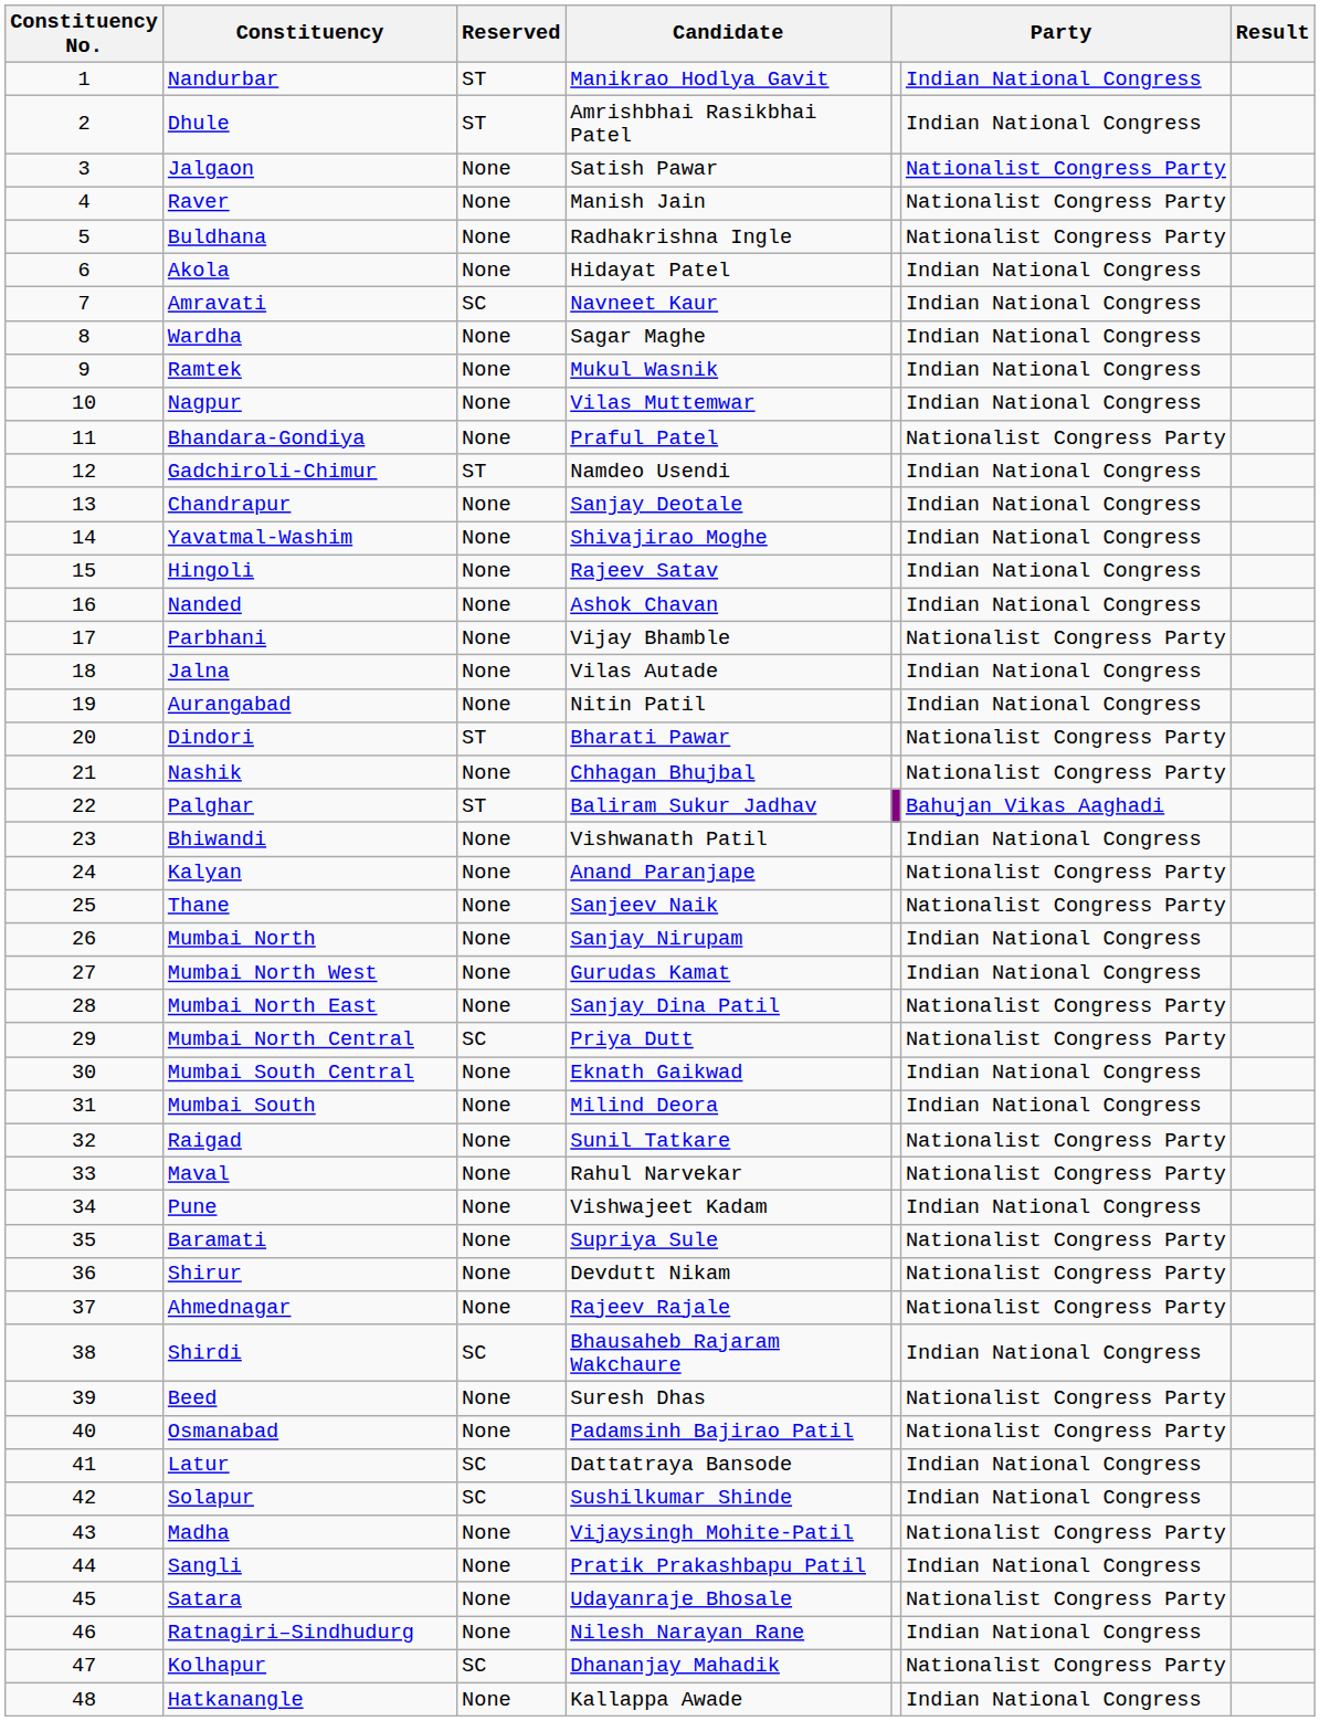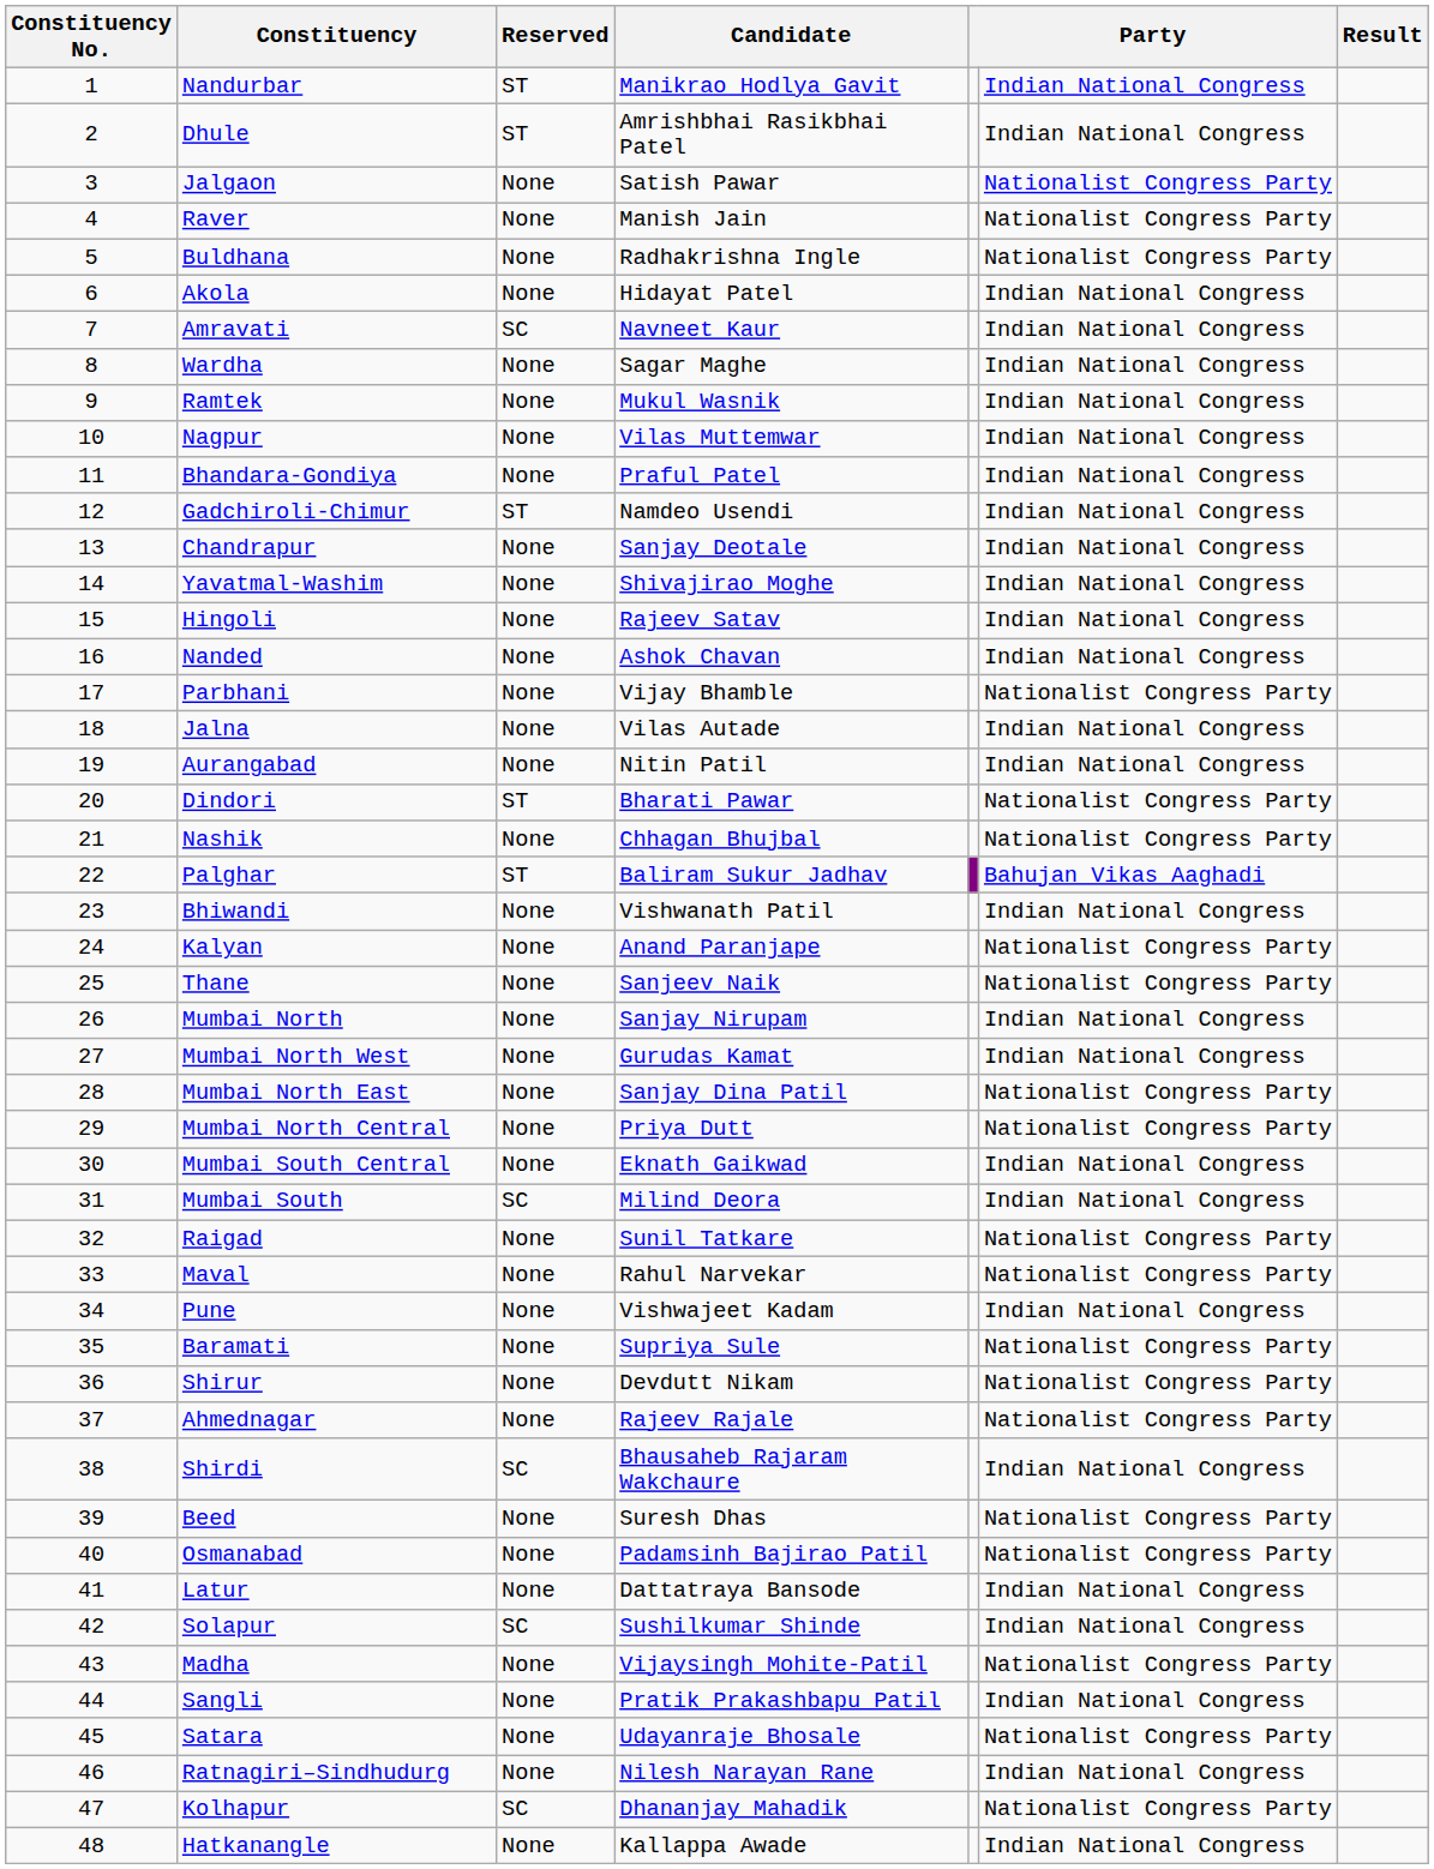 <table class= "wikitable sortable">
 <tr>
 <th>Constituency <br> No.</th>
 <th style="width:180px;">Constituency</th>
 <th>Reserved</th>
 <th style="width:200px;">Candidate</th>
 <th colspan=2>Party</th>
 <th>Result</th>
 </tr>
 <tr>
 <td align="center">1</td>
 <td><a href='#'>Nandurbar</a></td>
 <td>ST</td>
 <td><a href='#'>Manikrao Hodlya Gavit</a></td>
 <td></td>
 <td><a href='#'>Indian National Congress</a></td>
 <td></td>
 </tr>
 <tr>
 <td align="center">2</td>
 <td><a href='#'>Dhule</a></td>
 <td>ST</td>
 <td>Amrishbhai Rasikbhai Patel</td>
 <td></td>
 <td>Indian National Congress</td>
 <td></td>
 </tr>
 <tr>
 <td align="center">3</td>
 <td><a href='#'>Jalgaon</a></td>
 <td>None</td>
 <td>Satish Pawar</td>
 <td></td>
 <td><a href='#'>Nationalist Congress Party</a></td>
 <td></td>
 </tr>
 <tr>
 <td align="center">4</td>
 <td><a href='#'>Raver</a></td>
 <td>None</td>
 <td>Manish Jain</td>
 <td></td>
 <td>Nationalist Congress Party</td>
 <td></td>
 </tr>
 <tr>
 <td align="center">5</td>
 <td><a href='#'>Buldhana</a></td>
 <td>None</td>
 <td>Radhakrishna Ingle</td>
 <td></td>
 <td>Nationalist Congress Party</td>
 <td></td>
 </tr>
 <tr>
 <td align="center">6</td>
 <td><a href='#'>Akola</a></td>
 <td>None</td>
 <td>Hidayat Patel</td>
 <td></td>
 <td>Indian National Congress</td>
 <td></td>
 </tr>
 <tr>
 <td align="center">7</td>
 <td><a href='#'>Amravati</a></td>
 <td>SC</td>
 <td><a href='#'>Navneet Kaur</a></td>
 <td></td>
 <td>Indian National Congress</td>
 <td></td>
 </tr>
 <tr>
 <td align="center">8</td>
 <td><a href='#'>Wardha</a></td>
 <td>None</td>
 <td>Sagar Maghe</td>
 <td></td>
 <td>Indian National Congress</td>
 <td></td>
 </tr>
 <tr>
 <td align="center">9</td>
 <td><a href='#'>Ramtek</a></td>
 <td>None</td>
 <td><a href='#'>Mukul Wasnik</a></td>
 <td></td>
 <td>Indian National Congress</td>
 <td></td>
 </tr>
 <tr>
 <td align="center">10</td>
 <td><a href='#'>Nagpur</a></td>
 <td>None</td>
 <td><a href='#'>Vilas Muttemwar</a></td>
 <td></td>
 <td>Indian National Congress</td>
 <td></td>
 </tr>
 <tr>
 <td align="center">11</td>
 <td><a href='#'>Bhandara-Gondiya</a></td>
 <td>None</td>
 <td><a href='#'>Praful Patel</a></td>
 <td></td>
-<td>Nationalist Congress Party</td>
+<td>Indian National Congress</td>
 <td></td>
 </tr>
 <tr>
 <td align="center">12</td>
 <td><a href='#'>Gadchiroli-Chimur</a></td>
 <td>ST</td>
 <td>Namdeo Usendi</td>
 <td></td>
 <td>Indian National Congress</td>
 <td></td>
 </tr>
 <tr>
 <td align="center">13</td>
 <td><a href='#'>Chandrapur</a></td>
 <td>None</td>
 <td><a href='#'>Sanjay Deotale</a></td>
 <td></td>
 <td>Indian National Congress</td>
 <td></td>
 </tr>
 <tr>
 <td align="center">14</td>
 <td><a href='#'>Yavatmal-Washim</a></td>
 <td>None</td>
 <td><a href='#'>Shivajirao Moghe</a></td>
 <td></td>
 <td>Indian National Congress</td>
 <td></td>
 </tr>
 <tr>
 <td align="center">15</td>
 <td><a href='#'>Hingoli</a></td>
 <td>None</td>
 <td><a href='#'>Rajeev Satav</a></td>
 <td></td>
 <td>Indian National Congress</td>
 <td></td>
 </tr>
 <tr>
 <td align="center">16</td>
 <td><a href='#'>Nanded</a></td>
 <td>None</td>
 <td><a href='#'>Ashok Chavan</a></td>
 <td></td>
 <td>Indian National Congress</td>
 <td></td>
 </tr>
 <tr>
 <td align="center">17</td>
 <td><a href='#'>Parbhani</a></td>
 <td>None</td>
 <td>Vijay Bhamble</td>
 <td></td>
 <td>Nationalist Congress Party</td>
 <td></td>
 </tr>
 <tr>
 <td align="center">18</td>
 <td><a href='#'>Jalna</a></td>
 <td>None</td>
 <td>Vilas Autade</td>
 <td></td>
 <td>Indian National Congress</td>
 <td></td>
 </tr>
 <tr>
 <td align="center">19</td>
 <td><a href='#'>Aurangabad</a></td>
 <td>None</td>
 <td>Nitin Patil</td>
 <td></td>
 <td>Indian National Congress</td>
 <td></td>
 </tr>
 <tr>
 <td align="center">20</td>
 <td><a href='#'>Dindori</a></td>
 <td>ST</td>
 <td><a href='#'>Bharati Pawar</a></td>
 <td></td>
 <td>Nationalist Congress Party</td>
 <td></td>
 </tr>
 <tr>
 <td align="center">21</td>
 <td><a href='#'>Nashik</a></td>
 <td>None</td>
 <td><a href='#'>Chhagan Bhujbal</a></td>
 <td></td>
 <td>Nationalist Congress Party</td>
 <td></td>
 </tr>
 <tr>
 <td align="center">22</td>
 <td><a href='#'>Palghar</a></td>
 <td>ST</td>
 <td><a href='#'>Baliram Sukur Jadhav</a></td>
 <td style="background:purple;"></td>
 <td><a href='#'>Bahujan Vikas Aaghadi</a></td>
 <td></td>
 </tr>
 <tr>
 <td align="center">23</td>
 <td><a href='#'>Bhiwandi</a></td>
 <td>None</td>
 <td>Vishwanath Patil</td>
 <td></td>
 <td>Indian National Congress</td>
 <td></td>
 </tr>
 <tr>
 <td align="center">24</td>
 <td><a href='#'>Kalyan</a></td>
 <td>None</td>
 <td><a href='#'>Anand Paranjape</a></td>
 <td></td>
 <td>Nationalist Congress Party</td>
 <td></td>
 </tr>
 <tr>
 <td align="center">25</td>
 <td><a href='#'>Thane</a></td>
 <td>None</td>
 <td><a href='#'>Sanjeev Naik</a></td>
 <td></td>
 <td>Nationalist Congress Party</td>
 <td></td>
 </tr>
 <tr>
 <td align="center">26</td>
 <td><a href='#'>Mumbai North</a></td>
 <td>None</td>
 <td><a href='#'>Sanjay Nirupam</a></td>
 <td></td>
 <td>Indian National Congress</td>
 <td></td>
 </tr>
 <tr>
 <td align="center">27</td>
 <td><a href='#'>Mumbai North West</a></td>
 <td>None</td>
 <td><a href='#'>Gurudas Kamat</a></td>
 <td></td>
 <td>Indian National Congress</td>
 <td></td>
 </tr>
 <tr>
 <td align="center">28</td>
 <td><a href='#'>Mumbai North East</a></td>
 <td>None</td>
 <td><a href='#'>Sanjay Dina Patil</a></td>
 <td></td>
 <td>Nationalist Congress Party</td>
 <td></td>
 </tr>
 <tr>
 <td align="center">29</td>
 <td><a href='#'>Mumbai North Central</a></td>
-<td>SC</td>
+<td>None</td>
 <td><a href='#'>Priya Dutt</a></td>
 <td></td>
 <td>Nationalist Congress Party</td>
 <td></td>
 </tr>
 <tr>
 <td align="center">30</td>
 <td><a href='#'>Mumbai South Central</a></td>
 <td>None</td>
 <td><a href='#'>Eknath Gaikwad</a></td>
 <td></td>
 <td>Indian National Congress</td>
 <td></td>
 </tr>
 <tr>
 <td align="center">31</td>
 <td><a href='#'>Mumbai South</a></td>
-<td>None</td>
+<td>SC</td>
 <td><a href='#'>Milind Deora</a></td>
 <td></td>
 <td>Indian National Congress</td>
 <td></td>
 </tr>
 <tr>
 <td align="center">32</td>
 <td><a href='#'>Raigad</a></td>
 <td>None</td>
 <td><a href='#'>Sunil Tatkare</a></td>
 <td></td>
 <td>Nationalist Congress Party</td>
 <td></td>
 </tr>
 <tr>
 <td align="center">33</td>
 <td><a href='#'>Maval</a></td>
 <td>None</td>
 <td>Rahul Narvekar</td>
 <td></td>
 <td>Nationalist Congress Party</td>
 <td></td>
 </tr>
 <tr>
 <td align="center">34</td>
 <td><a href='#'>Pune</a></td>
 <td>None</td>
 <td>Vishwajeet Kadam</td>
 <td></td>
 <td>Indian National Congress</td>
 <td></td>
 </tr>
 <tr>
 <td align="center">35</td>
 <td><a href='#'>Baramati</a></td>
 <td>None</td>
 <td><a href='#'>Supriya Sule</a></td>
 <td></td>
 <td>Nationalist Congress Party</td>
 <td></td>
 </tr>
 <tr>
 <td align="center">36</td>
 <td><a href='#'>Shirur</a></td>
 <td>None</td>
 <td>Devdutt Nikam</td>
 <td></td>
 <td>Nationalist Congress Party</td>
 <td></td>
 </tr>
 <tr>
 <td align="center">37</td>
 <td><a href='#'>Ahmednagar</a></td>
 <td>None</td>
 <td><a href='#'>Rajeev Rajale</a></td>
 <td></td>
 <td>Nationalist Congress Party</td>
 <td></td>
 </tr>
 <tr>
 <td align="center">38</td>
 <td><a href='#'>Shirdi</a></td>
 <td>SC</td>
 <td><a href='#'>Bhausaheb Rajaram Wakchaure</a></td>
 <td></td>
 <td>Indian National Congress</td>
 <td></td>
 </tr>
 <tr>
 <td align="center">39</td>
 <td><a href='#'>Beed</a></td>
 <td>None</td>
 <td>Suresh Dhas</td>
 <td></td>
 <td>Nationalist Congress Party</td>
 <td></td>
 </tr>
 <tr>
 <td align="center">40</td>
 <td><a href='#'>Osmanabad</a></td>
 <td>None</td>
 <td><a href='#'>Padamsinh Bajirao Patil</a></td>
 <td></td>
 <td>Nationalist Congress Party</td>
 <td></td>
 </tr>
 <tr>
 <td align="center">41</td>
 <td><a href='#'>Latur</a></td>
-<td>SC</td>
+<td>None</td>
 <td>Dattatraya Bansode</td>
 <td></td>
 <td>Indian National Congress</td>
 <td></td>
 </tr>
 <tr>
 <td align="center">42</td>
 <td><a href='#'>Solapur</a></td>
 <td>SC</td>
 <td><a href='#'>Sushilkumar Shinde</a></td>
 <td></td>
 <td>Indian National Congress</td>
 <td></td>
 </tr>
 <tr>
 <td align="center">43</td>
 <td><a href='#'>Madha</a></td>
 <td>None</td>
 <td><a href='#'>Vijaysingh Mohite-Patil</a></td>
 <td></td>
 <td>Nationalist Congress Party</td>
 <td></td>
 </tr>
 <tr>
 <td align="center">44</td>
 <td><a href='#'>Sangli</a></td>
 <td>None</td>
 <td><a href='#'>Pratik Prakashbapu Patil</a></td>
 <td></td>
 <td>Indian National Congress</td>
 <td></td>
 </tr>
 <tr>
 <td align="center">45</td>
 <td><a href='#'>Satara</a></td>
 <td>None</td>
 <td><a href='#'>Udayanraje Bhosale</a></td>
 <td></td>
 <td>Nationalist Congress Party</td>
 <td></td>
 </tr>
 <tr>
 <td align="center">46</td>
 <td><a href='#'>Ratnagiri–Sindhudurg</a></td>
 <td>None</td>
 <td><a href='#'>Nilesh Narayan Rane</a></td>
 <td></td>
 <td>Indian National Congress</td>
 <td></td>
 </tr>
 <tr>
 <td align="center">47</td>
 <td><a href='#'>Kolhapur</a></td>
 <td>SC</td>
 <td><a href='#'>Dhananjay Mahadik</a></td>
 <td></td>
 <td>Nationalist Congress Party</td>
 <td></td>
 </tr>
 <tr>
 <td align="center">48</td>
 <td><a href='#'>Hatkanangle</a></td>
 <td>None</td>
 <td>Kallappa Awade</td>
 <td></td>
 <td>Indian National Congress</td>
 <td></td>
 </tr>
 </table>
